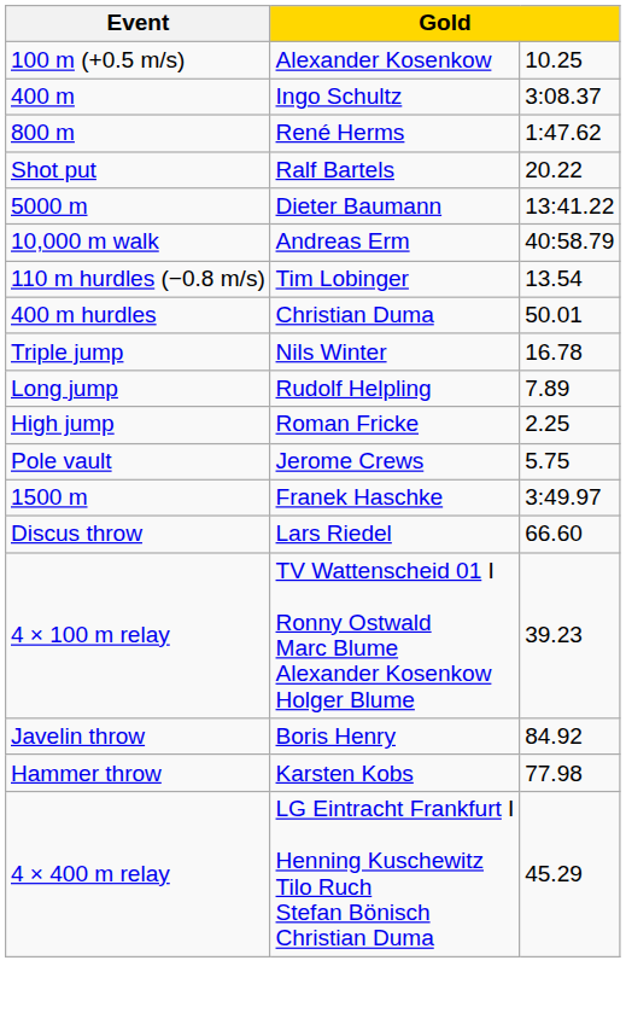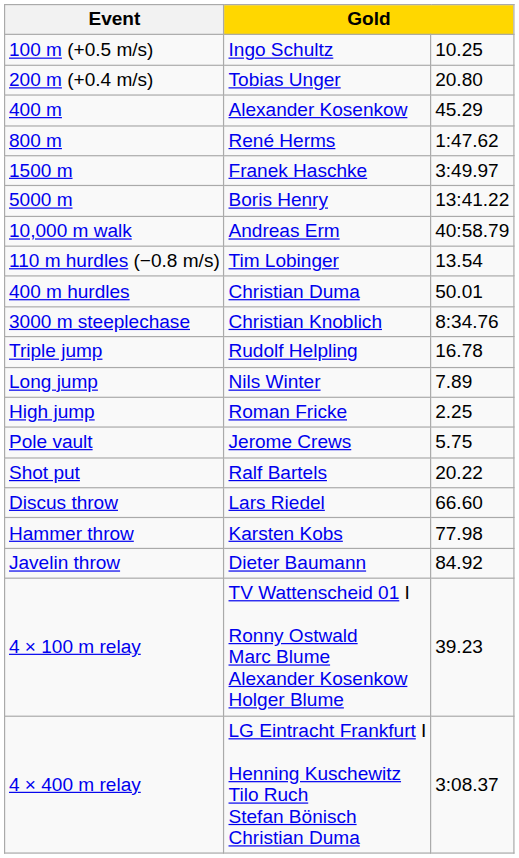 <table class="wikitable">
 <tr>
 <th>Event</th>
 <th style="background:gold;" colspan=2>Gold</th>
 </tr>
 <tr>
 <td><a href='#'>100 m</a> (+0.5 m/s)</td>
-<td><a href='#'>Alexander Kosenkow</a></td>
+<td><a href='#'>Ingo Schultz</a></td>
 <td>10.25</td>
 </tr>
 <tr>
+<td><a href='#'>200 m</a> (+0.4 m/s)</td>
+<td><a href='#'>Tobias Unger</a></td>
+<td>20.80</td>
+</tr>
+<tr>
 <td><a href='#'>400 m</a></td>
-<td><a href='#'>Ingo Schultz</a></td>
-<td>3:08.37</td>
+<td><a href='#'>Alexander Kosenkow</a></td>
+<td>45.29</td>
 </tr>
 <tr>
 <td><a href='#'>800 m</a></td>
 <td><a href='#'>René Herms</a></td>
 <td>1:47.62</td>
 </tr>
 <tr>
-<td><a href='#'>Shot put</a></td>
-<td><a href='#'>Ralf Bartels</a></td>
-<td>20.22</td>
+<td><a href='#'>1500 m</a></td>
+<td><a href='#'>Franek Haschke</a></td>
+<td>3:49.97</td>
 </tr>
 <tr>
 <td><a href='#'>5000 m</a></td>
-<td><a href='#'>Dieter Baumann</a></td>
+<td><a href='#'>Boris Henry</a></td>
 <td>13:41.22</td>
 </tr>
 <tr>
 <td><a href='#'>10,000 m walk</a></td>
 <td><a href='#'>Andreas Erm</a></td>
 <td>40:58.79</td>
 </tr>
 <tr>
 <td><a href='#'>110 m hurdles</a> (−0.8 m/s)</td>
 <td><a href='#'>Tim Lobinger</a></td>
 <td>13.54 </td>
 </tr>
 <tr>
 <td><a href='#'>400 m hurdles</a></td>
 <td><a href='#'>Christian Duma</a></td>
 <td>50.01</td>
 </tr>
 <tr>
+<td><a href='#'>3000 m steeplechase</a></td>
+<td><a href='#'>Christian Knoblich</a></td>
+<td>8:34.76</td>
+</tr>
+<tr>
 <td><a href='#'>Triple jump</a></td>
-<td><a href='#'>Nils Winter</a></td>
+<td><a href='#'>Rudolf Helpling</a></td>
 <td>16.78 </td>
 </tr>
 <tr>
 <td><a href='#'>Long jump</a></td>
-<td><a href='#'>Rudolf Helpling</a></td>
+<td><a href='#'>Nils Winter</a></td>
 <td>7.89</td>
 </tr>
 <tr>
 <td><a href='#'>High jump</a></td>
 <td><a href='#'>Roman Fricke</a></td>
 <td>2.25</td>
 </tr>
 <tr>
 <td><a href='#'>Pole vault</a></td>
 <td><a href='#'>Jerome Crews</a></td>
 <td>5.75</td>
 </tr>
 <tr>
-<td><a href='#'>1500 m</a></td>
-<td><a href='#'>Franek Haschke</a></td>
-<td>3:49.97</td>
+<td><a href='#'>Shot put</a></td>
+<td><a href='#'>Ralf Bartels</a></td>
+<td>20.22</td>
 </tr>
 <tr>
 <td><a href='#'>Discus throw</a></td>
 <td><a href='#'>Lars Riedel</a></td>
 <td>66.60</td>
 </tr>
 <tr>
+<td><a href='#'>Hammer throw</a></td>
+<td><a href='#'>Karsten Kobs</a></td>
+<td>77.98</td>
+</tr>
+<tr>
+<td><a href='#'>Javelin throw</a></td>
+<td><a href='#'>Dieter Baumann</a></td>
+<td>84.92</td>
+</tr>
+<tr>
 <td><a href='#'>4 × 100 m relay</a></td>
 <td><a href='#'>TV Wattenscheid 01</a> I <br><br><a href='#'>Ronny Ostwald</a> <br> <a href='#'>Marc Blume</a> <br> <a href='#'>Alexander Kosenkow</a> <br> <a href='#'>Holger Blume</a></td>
 <td>39.23</td>
 </tr>
 <tr>
-<td><a href='#'>Javelin throw</a></td>
-<td><a href='#'>Boris Henry</a></td>
-<td>84.92</td>
-</tr>
-<tr>
-<td><a href='#'>Hammer throw</a></td>
-<td><a href='#'>Karsten Kobs</a></td>
-<td>77.98</td>
-</tr>
-<tr>
 <td><a href='#'>4 × 400 m relay</a></td>
 <td><a href='#'>LG Eintracht Frankfurt</a> I <br><br><a href='#'>Henning Kuschewitz</a> <br> <a href='#'>Tilo Ruch</a> <br> <a href='#'>Stefan Bönisch</a> <br> <a href='#'>Christian Duma</a></td>
-<td>45.29</td>
+<td>3:08.37</td>
 </tr>
 </table>
